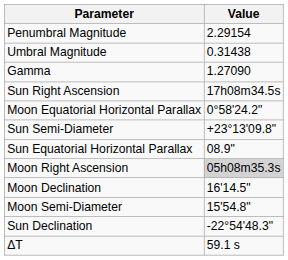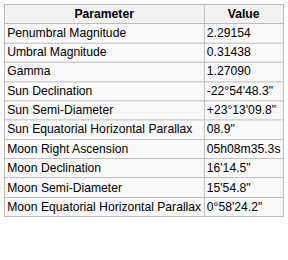 <table class="wikitable">
 <tr>
 <th>Parameter</th>
 <th>Value</th>
 </tr>
 <tr>
 <td>Penumbral Magnitude</td>
 <td>2.29154</td>
 </tr>
 <tr>
 <td>Umbral Magnitude</td>
 <td>0.31438</td>
 </tr>
 <tr>
 <td>Gamma</td>
 <td>1.27090</td>
 </tr>
 <tr>
-<td>Sun Right Ascension</td>
-<td>17h08m34.5s</td>
-</tr>
-<tr>
-<td>Moon Equatorial Horizontal Parallax</td>
-<td>0°58'24.2"</td>
+<td>Sun Declination</td>
+<td>-22°54'48.3"</td>
 </tr>
 <tr>
 <td>Sun Semi-Diameter</td>
 <td>+23°13'09.8"</td>
 </tr>
 <tr>
 <td>Sun Equatorial Horizontal Parallax</td>
 <td>08.9"</td>
 </tr>
 <tr>
 <td>Moon Right Ascension</td>
-<td style="background: lightgrey;">05h08m35.3s</td>
+<td>05h08m35.3s</td>
 </tr>
 <tr>
 <td>Moon Declination</td>
 <td>16'14.5"</td>
 </tr>
 <tr>
 <td>Moon Semi-Diameter</td>
 <td>15'54.8"</td>
 </tr>
 <tr>
-<td>Sun Declination</td>
-<td>-22°54'48.3"</td>
-</tr>
-<tr>
-<td>ΔT</td>
-<td>59.1 s</td>
+<td>Moon Equatorial Horizontal Parallax</td>
+<td>0°58'24.2"</td>
 </tr>
 </table>
